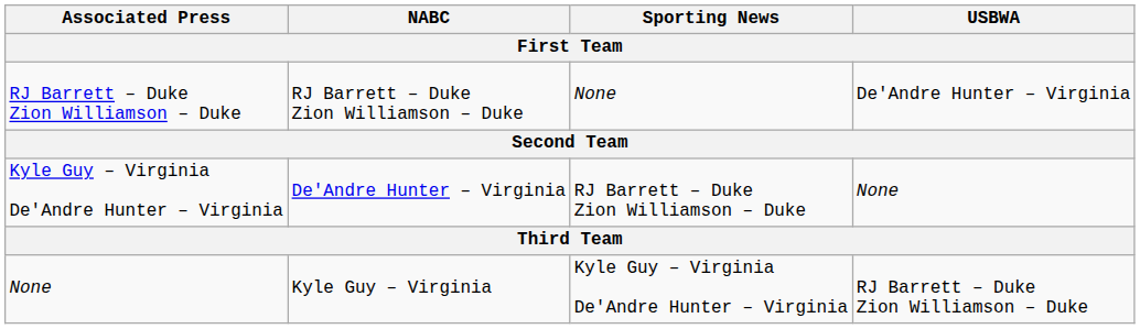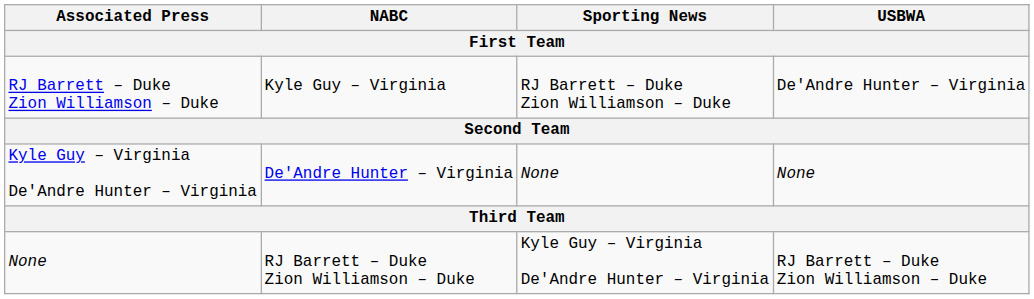 <table class="wikitable" style="font-size: 95%">
 <tr>
 <th>Associated Press</th>
 <th>NABC</th>
 <th>Sporting News</th>
 <th>USBWA</th>
 </tr>
 <tr>
 <th colspan=4>First Team</th>
 </tr>
 <tr>
 <td><br><a href='#'>RJ Barrett</a> – Duke<br> <a href='#'>Zion Williamson</a> – Duke</td>
+<td>Kyle Guy – Virginia</td>
 <td><br>RJ Barrett – Duke<br> Zion Williamson – Duke</td>
-<td><em>None</em></td>
 <td>De'Andre Hunter – Virginia</td>
 </tr>
 <tr>
 <th colspan=4>Second Team</th>
 </tr>
 <tr>
 <td><a href='#'>Kyle Guy</a> – Virginia<br><br>De'Andre Hunter – Virginia</td>
 <td><a href='#'>De'Andre Hunter</a> – Virginia</td>
-<td><br>RJ Barrett – Duke<br> Zion Williamson – Duke</td>
+<td><em>None</em></td>
 <td><em>None</em></td>
 </tr>
 <tr>
 <th colspan=4>Third Team</th>
 </tr>
 <tr>
 <td><em>None</em></td>
-<td>Kyle Guy – Virginia</td>
+<td><br>RJ Barrett – Duke<br> Zion Williamson – Duke</td>
 <td>Kyle Guy – Virginia<br><br>De'Andre Hunter – Virginia</td>
 <td><br>RJ Barrett – Duke<br> Zion Williamson – Duke</td>
 </tr>
 </table>
